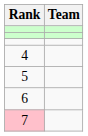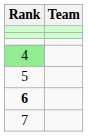 <table class="wikitable" style="text-align: center;">
 <tr>
 <th width=40>Rank</th>
 <th>Team</th>
 </tr>
 <tr bgcolor=#ccffcc align=center>
 <td></td>
 <td style="text-align:left;"></td>
 </tr>
 <tr bgcolor=#ccffcc align=center>
 <td></td>
 <td style="text-align:left;"></td>
 </tr>
 <tr align=center>
 <td></td>
 <td style="text-align:left;"></td>
 </tr>
 <tr align=center>
-<td>4</td>
+<td style="background: lightgreen;">4</td>
 <td style="text-align:left;"></td>
 </tr>
 <tr align=center>
 <td>5</td>
 <td style="text-align:left;"></td>
 </tr>
 <tr align=center>
-<td>6</td>
+<td><strong>6</strong></td>
 <td style="text-align:left;"></td>
 </tr>
 <tr align=center>
-<td style="background: pink;">7</td>
+<td>7</td>
 <td style="text-align:left;"></td>
 </tr>
 </table>
